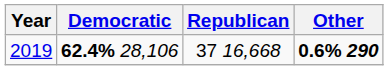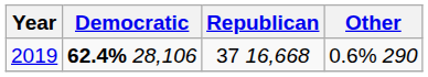 <table class="wikitable" style="float:center; margin:1em; font-size:95%;">
 <tr>
 <th>Year</th>
 <th><a href='#'>Democratic</a></th>
 <th><a href='#'>Republican</a></th>
 <th><a href='#'>Other</a></th>
 </tr>
 <tr>
 <td align="center" ><a href='#'>2019</a></td>
 <td align="center" ><strong>62.4%</strong> <em>28,106</em></td>
 <td align="center" >37 <em>16,668</em></td>
-<td align="center" ><strong>0.6% <em>290</em></strong></td>
+<td align="center" >0.6% <em>290</em></td>
 </tr>
 <tr>
 </tr>
 </table>
